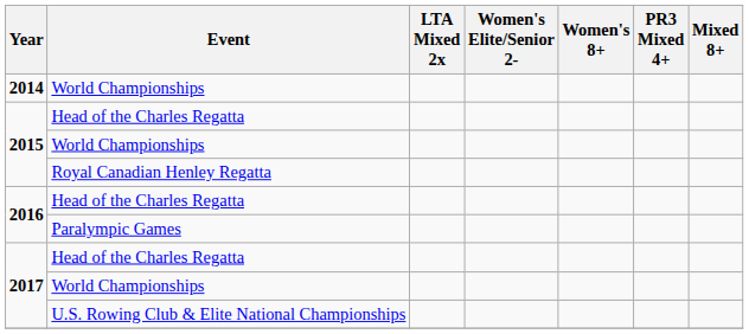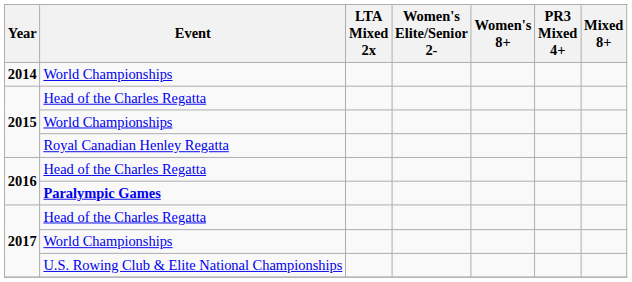 <table class="wikitable" style="text-align:center; font-size:95%;">
 <tr>
 <th align=center>Year</th>
 <th align=center>Event</th>
 <th style="width:30px;">LTA Mixed 2x</th>
 <th style="width:30px;">Women's Elite/Senior 2-</th>
 <th style="width:30px;">Women's 8+</th>
 <th style="width:30px;">PR3 Mixed 4+</th>
 <th style="width:30px;">Mixed 8+</th>
 </tr>
 <tr>
 <td rowspan="1"><strong>2014</strong></td>
 <td align=left><a href='#'>World Championships</a></td>
 <td></td>
 <td></td>
 <td></td>
 <td></td>
 <td></td>
 </tr>
 <tr>
 <td rowspan="3"><strong>2015</strong></td>
 <td align=left><a href='#'>Head of the Charles Regatta</a></td>
 <td></td>
 <td></td>
 <td></td>
 <td></td>
 <td></td>
 </tr>
 <tr>
 <td align=left><a href='#'>World Championships</a></td>
 <td></td>
 <td></td>
 <td></td>
 <td></td>
 <td></td>
 </tr>
 <tr>
 <td align=left><a href='#'>Royal Canadian Henley Regatta</a></td>
 <td></td>
 <td></td>
 <td></td>
 <td></td>
 <td></td>
 </tr>
 <tr>
 <td rowspan="2"><strong>2016</strong></td>
 <td align=left><a href='#'>Head of the Charles Regatta</a></td>
 <td></td>
 <td></td>
 <td></td>
 <td></td>
 <td></td>
 </tr>
 <tr>
-<td align=left><a href='#'>Paralympic Games</a></td>
+<td align=left><strong><a href='#'>Paralympic Games</a></strong></td>
 <td></td>
 <td></td>
 <td></td>
 <td></td>
 <td></td>
 </tr>
 <tr>
 <td rowspan="3"><strong>2017</strong></td>
 <td align=left><a href='#'>Head of the Charles Regatta</a></td>
 <td></td>
 <td></td>
 <td></td>
 <td></td>
 <td></td>
 </tr>
 <tr>
 <td align=left><a href='#'>World Championships</a></td>
 <td></td>
 <td></td>
 <td></td>
 <td></td>
 <td></td>
 </tr>
 <tr>
 <td align=left><a href='#'>U.S. Rowing Club & Elite National Championships</a></td>
 <td></td>
 <td></td>
 <td></td>
 <td></td>
 <td></td>
 </tr>
 <tr>
 </tr>
 </table>
